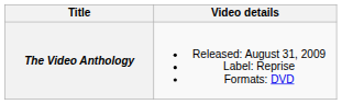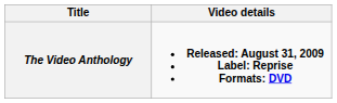 <table class="wikitable plainrowheaders" style="text-align:center;">
 <tr>
 <th style="width:13em;">Title</th>
 <th style="width:16em;">Video details</th>
 </tr>
 <tr>
 <th scope="row"><em>The Video Anthology</em></th>
-<td><br><ul><li>Released: August 31, 2009</li><li>Label: Reprise</li><li>Formats: <a href='#'>DVD</a></li></ul></td>
+<td><strong><br><ul><li>Released: August 31, 2009</li><li>Label: Reprise</li><li>Formats: <a href='#'>DVD</a></li></ul></strong></td>
 </tr>
 </table>
